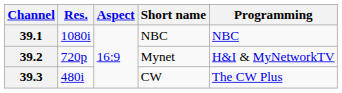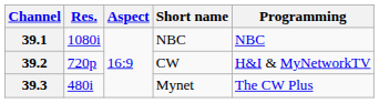 <table class="wikitable">
 <tr>
 <th scope="col"><a href='#'>Channel</a></th>
 <th scope="col"><a href='#'>Res.</a></th>
 <th scope="col"><a href='#'>Aspect</a></th>
 <th scope="col">Short name</th>
 <th scope="col">Programming</th>
 </tr>
 <tr>
 <th scope="row">39.1</th>
 <td><a href='#'>1080i</a></td>
 <td rowspan=3><a href='#'>16:9</a></td>
 <td>NBC</td>
 <td><a href='#'>NBC</a></td>
 </tr>
 <tr>
 <th scope="row">39.2</th>
 <td><a href='#'>720p</a></td>
-<td>Mynet</td>
+<td>CW</td>
 <td><a href='#'>H&I</a> & <a href='#'>MyNetworkTV</a></td>
 </tr>
 <tr>
 <th scope="row">39.3</th>
 <td><a href='#'>480i</a></td>
-<td>CW</td>
+<td>Mynet</td>
 <td><a href='#'>The CW Plus</a></td>
 </tr>
 </table>
